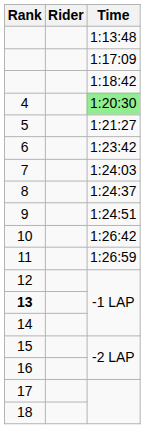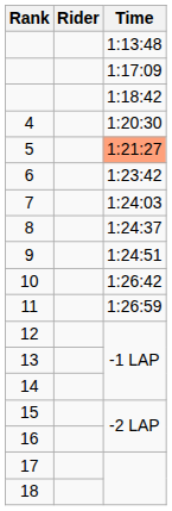 <table class="wikitable sortable"  style="text-align:center">
 <tr>
 <th>Rank</th>
 <th>Rider</th>
 <th>Time</th>
 </tr>
 <tr>
 <td></td>
 <td align="left"></td>
 <td>1:13:48</td>
 </tr>
 <tr>
 <td></td>
 <td align="left"></td>
 <td>1:17:09</td>
 </tr>
 <tr>
 <td></td>
 <td align="left"></td>
 <td>1:18:42</td>
 </tr>
 <tr>
 <td>4</td>
 <td align="left"></td>
-<td style="background: lightgreen;">1:20:30</td>
+<td>1:20:30</td>
 </tr>
 <tr>
 <td>5</td>
 <td align="left"></td>
-<td>1:21:27</td>
+<td style="background: lightsalmon;">1:21:27</td>
 </tr>
 <tr>
 <td>6</td>
 <td align="left"></td>
 <td>1:23:42</td>
 </tr>
 <tr>
 <td>7</td>
 <td align="left"></td>
 <td>1:24:03</td>
 </tr>
 <tr>
 <td>8</td>
 <td align="left"></td>
 <td>1:24:37</td>
 </tr>
 <tr>
 <td>9</td>
 <td align="left"></td>
 <td>1:24:51</td>
 </tr>
 <tr>
 <td>10</td>
 <td align="left"></td>
 <td>1:26:42</td>
 </tr>
 <tr>
 <td>11</td>
 <td align="left"></td>
 <td>1:26:59</td>
 </tr>
 <tr>
 <td>12</td>
 <td align="left"></td>
 <td rowspan=3>-1 LAP</td>
 </tr>
 <tr>
-<td><strong>13</strong></td>
+<td>13</td>
 <td align="left"></td>
 </tr>
 <tr>
 <td>14</td>
 <td align="left"></td>
 </tr>
 <tr>
 <td>15</td>
 <td align="left"></td>
 <td rowspan=2>-2 LAP</td>
 </tr>
 <tr>
 <td>16</td>
 <td align="left"></td>
 </tr>
 <tr>
 <td>17</td>
 <td align="left"></td>
 <td rowspan=2></td>
 </tr>
 <tr>
 <td>18</td>
 <td align="left"></td>
 </tr>
 </table>
